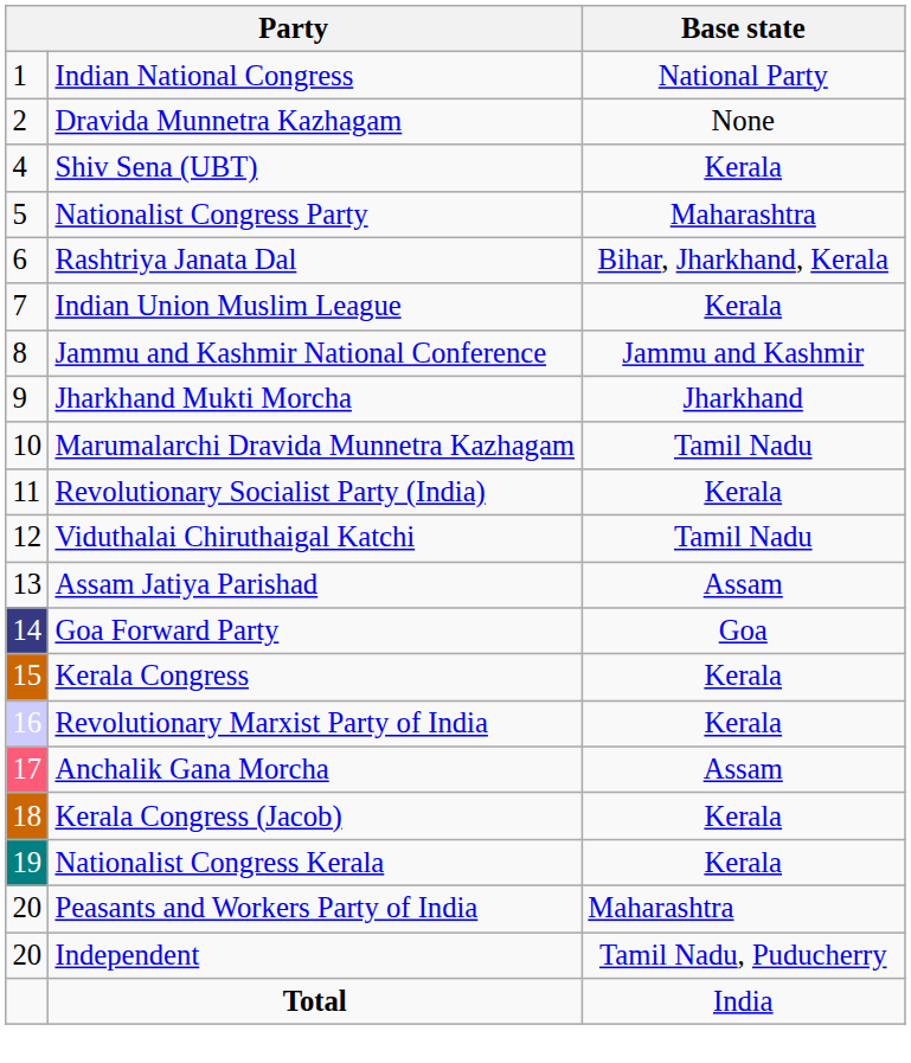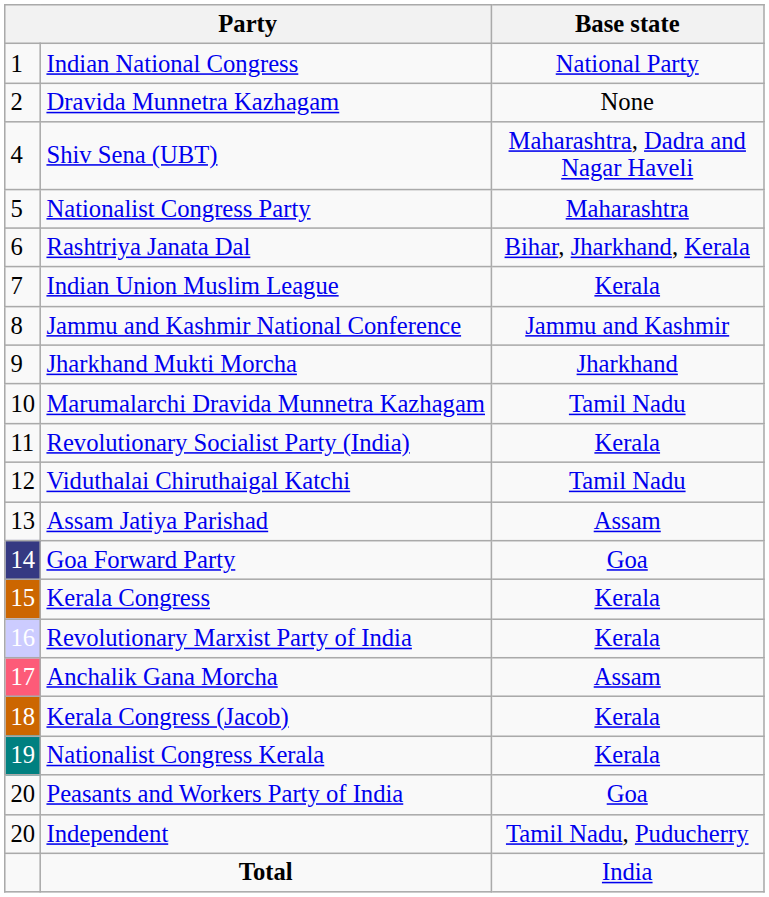 <table class="wikitable sortable">
 <tr>
 <th colspan="2" style="width:30px;">Party</th>
 <th style="width:170px;">Base state</th>
 </tr>
 <tr>
 <td style="background-color:">1</td>
 <td><a href='#'>Indian National Congress</a></td>
 <td style="text-align: center;"><a href='#'>National Party</a></td>
 </tr>
 <tr>
 <td style="background-color:">2</td>
 <td><a href='#'>Dravida Munnetra Kazhagam</a></td>
 <td style="text-align: center;">None</td>
 </tr>
 <tr>
 <td style="background-color:">4</td>
 <td><a href='#'>Shiv Sena (UBT)</a></td>
-<td style="text-align: center;"><a href='#'>Kerala</a></td>
+<td style="text-align: center;"><a href='#'>Maharashtra</a>, <a href='#'>Dadra and Nagar Haveli</a></td>
 </tr>
 <tr>
 <td style="background-color:">5</td>
 <td><a href='#'>Nationalist Congress Party</a></td>
 <td style="text-align: center;"><a href='#'>Maharashtra</a></td>
 </tr>
 <tr>
 <td style="background-color:">6</td>
 <td><a href='#'>Rashtriya Janata Dal</a></td>
 <td style="text-align: center;"><a href='#'>Bihar</a>, <a href='#'>Jharkhand</a>, <a href='#'>Kerala</a></td>
 </tr>
 <tr>
 <td style="background-color:">7</td>
 <td><a href='#'>Indian Union Muslim League</a></td>
 <td style="text-align: center;"><a href='#'>Kerala</a></td>
 </tr>
 <tr>
 <td style="background:">8</td>
 <td><a href='#'>Jammu and Kashmir National Conference</a></td>
 <td style="text-align: center;"><a href='#'>Jammu and Kashmir</a></td>
 </tr>
 <tr>
 <td style="background:">9</td>
 <td><a href='#'>Jharkhand Mukti Morcha</a></td>
 <td style="text-align: center;"><a href='#'>Jharkhand</a></td>
 </tr>
 <tr>
 <td style="background-color:">10</td>
 <td><a href='#'>Marumalarchi Dravida Munnetra Kazhagam</a></td>
 <td style="text-align: center;"><a href='#'>Tamil Nadu</a></td>
 </tr>
 <tr>
 <td style="background-color:">11</td>
 <td><a href='#'>Revolutionary Socialist Party (India)</a></td>
 <td style="text-align: center;"><a href='#'>Kerala</a></td>
 </tr>
 <tr>
 <td style="background-color:">12</td>
 <td><a href='#'>Viduthalai Chiruthaigal Katchi</a></td>
 <td style="text-align: center;"><a href='#'>Tamil Nadu</a></td>
 </tr>
 <tr>
 <td style="background-color:">13</td>
 <td><a href='#'>Assam Jatiya Parishad</a></td>
 <td style="text-align: center;"><a href='#'>Assam</a></td>
 </tr>
 <tr>
 <td style="background:#353982; text-align:center; color:white;">14</td>
 <td><a href='#'>Goa Forward Party</a></td>
 <td style="text-align: center;"><a href='#'>Goa</a></td>
 </tr>
 <tr>
 <td style="background:#c60; text-align:center; color:white;">15</td>
 <td><a href='#'>Kerala Congress</a></td>
 <td style="text-align: center;"><a href='#'>Kerala</a></td>
 </tr>
 <tr>
 <td style="background:#ccf; text-align:center; color:white;">16</td>
 <td><a href='#'>Revolutionary Marxist Party of India</a></td>
 <td style="text-align: center;"><a href='#'>Kerala</a></td>
 </tr>
 <tr>
 <td style="background:#FD5B78; text-align:center; color:white;">17</td>
 <td><a href='#'>Anchalik Gana Morcha</a></td>
 <td style="text-align: center;"><a href='#'>Assam</a></td>
 </tr>
 <tr>
 <td style="background:#CC6600; text-align:center; color:white;">18</td>
 <td><a href='#'>Kerala Congress (Jacob)</a></td>
 <td style="text-align: center;"><a href='#'>Kerala</a></td>
 </tr>
 <tr>
 <td style="background:teal; text-align:center; color:white;">19</td>
 <td><a href='#'>Nationalist Congress Kerala</a></td>
 <td style="text-align: center;"><a href='#'>Kerala</a></td>
 </tr>
 <tr>
 <td>20</td>
 <td><a href='#'>Peasants and Workers Party of India</a></td>
-<td><a href='#'>Maharashtra</a></td>
+<td style="text-align: center;"><a href='#'>Goa</a></td>
 </tr>
 <tr>
 <td style="background-color:">20</td>
 <td><a href='#'>Independent</a></td>
 <td style="text-align: center;"><a href='#'>Tamil Nadu</a>, <a href='#'>Puducherry</a></td>
 </tr>
 <tr style="text-align: center;">
 <td style="background-color:"></td>
 <td style="text-align: center;"><strong>Total</strong></td>
 <td><a href='#'>India</a></td>
 </tr>
 </table>
